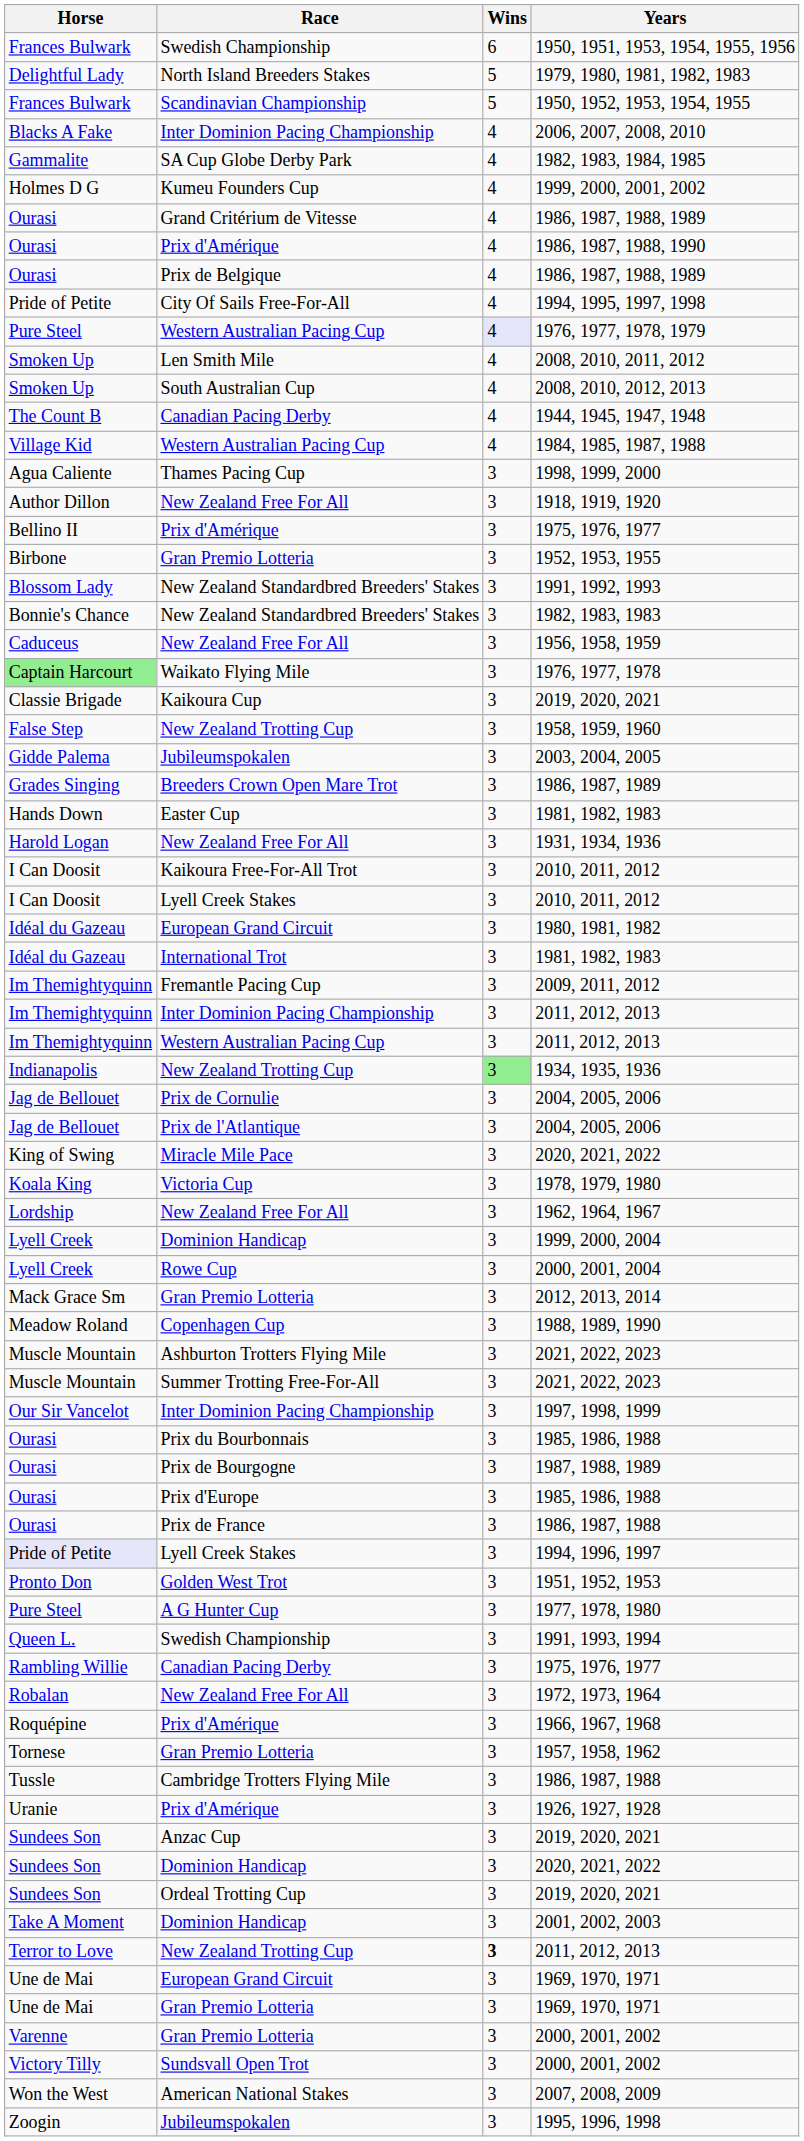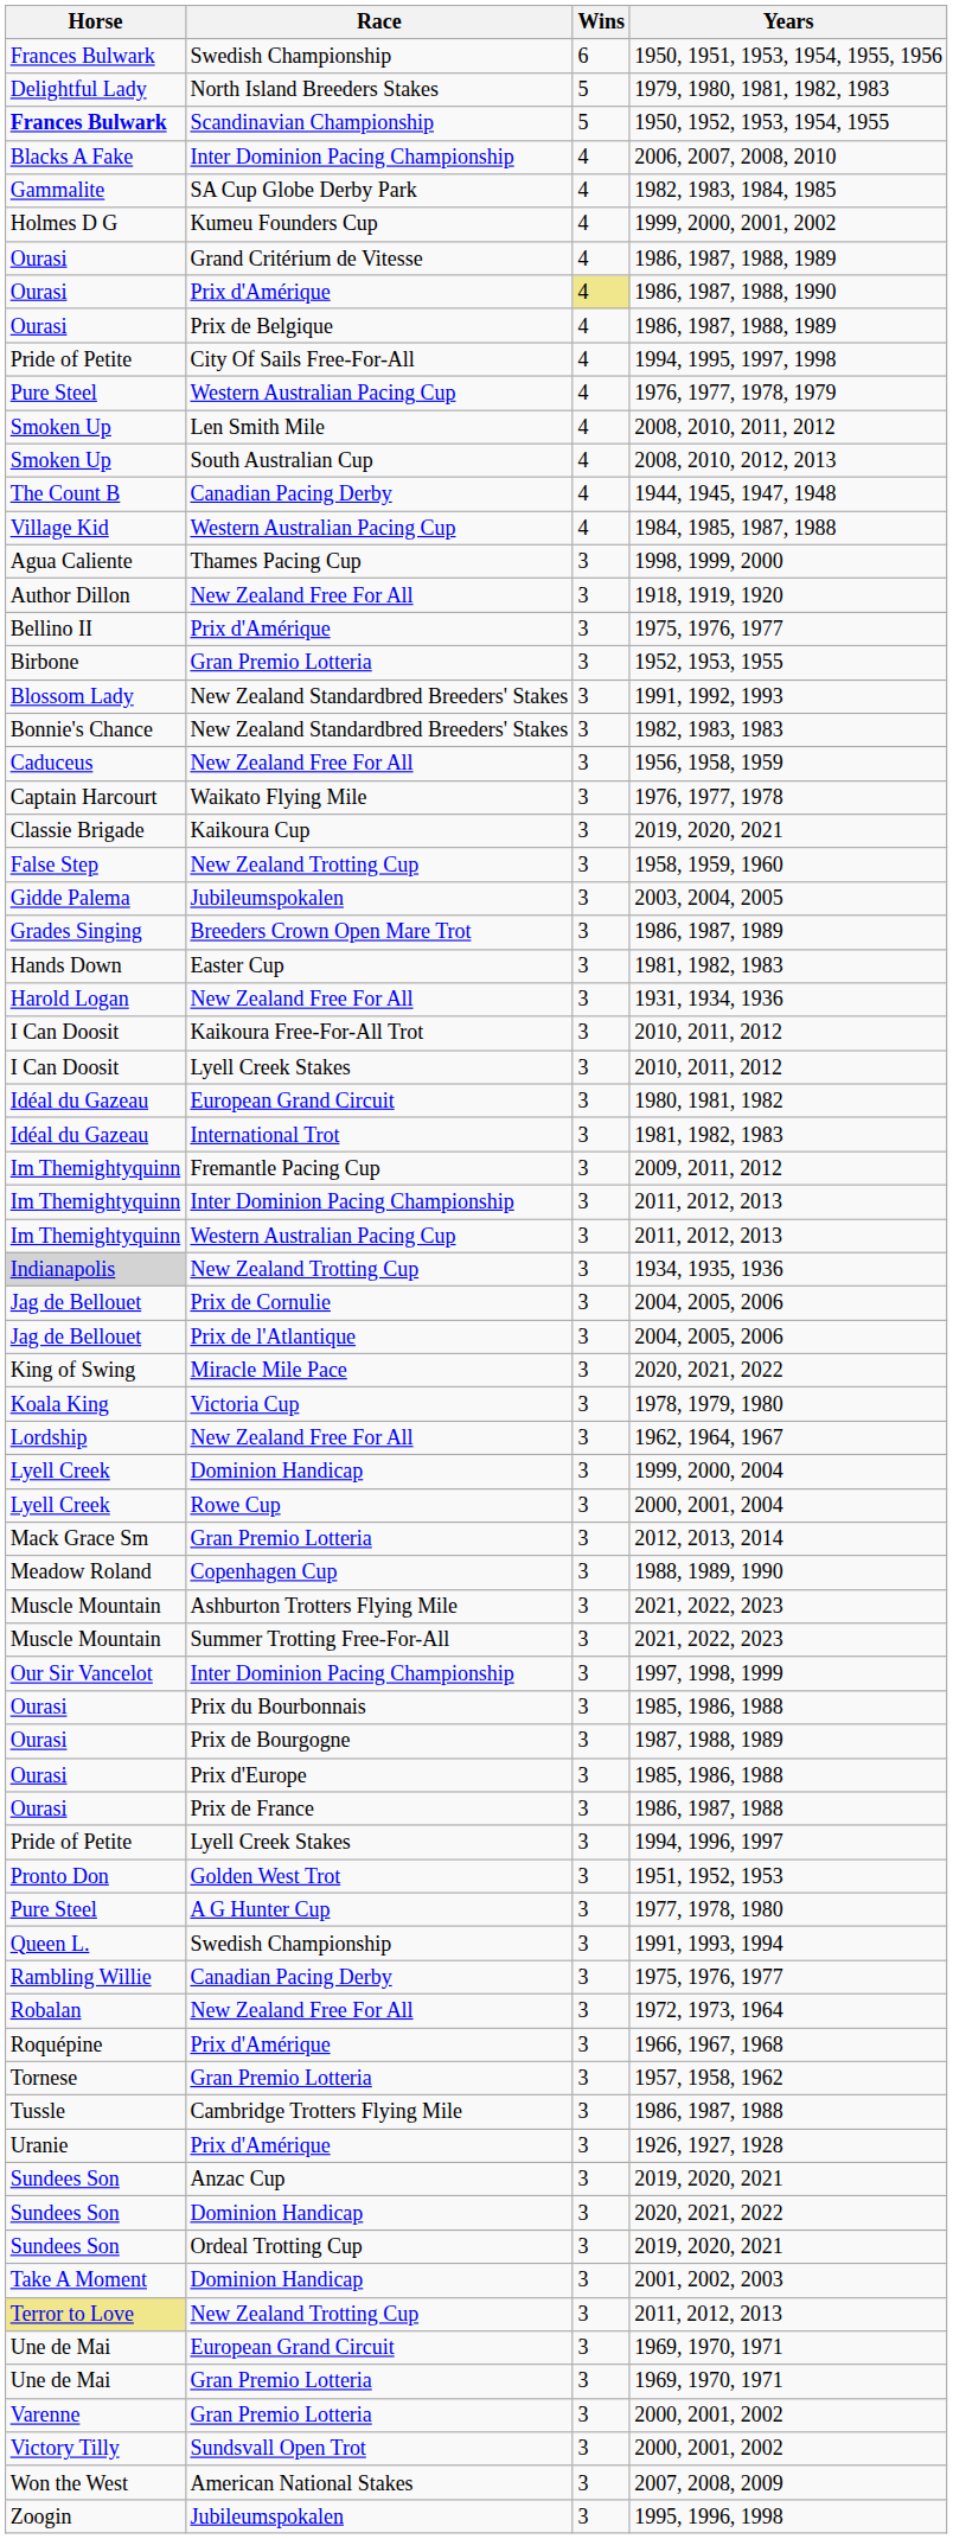 <table class="wikitable">
 <tr>
 <th>Horse</th>
 <th>Race</th>
 <th>Wins</th>
 <th>Years</th>
 </tr>
 <tr>
 <td><a href='#'>Frances Bulwark</a></td>
 <td>Swedish Championship</td>
 <td>6</td>
 <td>1950, 1951, 1953, 1954, 1955, 1956</td>
 </tr>
 <tr>
 <td><a href='#'>Delightful Lady</a></td>
 <td>North Island Breeders Stakes</td>
 <td>5</td>
 <td>1979, 1980, 1981, 1982, 1983</td>
 </tr>
 <tr>
-<td><a href='#'>Frances Bulwark</a></td>
+<td><strong><a href='#'>Frances Bulwark</a></strong></td>
 <td><a href='#'>Scandinavian Championship</a></td>
 <td>5</td>
 <td>1950, 1952, 1953, 1954, 1955</td>
 </tr>
 <tr>
 <td><a href='#'>Blacks A Fake</a></td>
 <td><a href='#'>Inter Dominion Pacing Championship</a></td>
 <td>4</td>
 <td>2006, 2007, 2008, 2010</td>
 </tr>
 <tr>
 <td><a href='#'>Gammalite</a></td>
 <td>SA Cup Globe Derby Park</td>
 <td>4</td>
 <td>1982, 1983, 1984, 1985</td>
 </tr>
 <tr>
 <td>Holmes D G</td>
 <td>Kumeu Founders Cup</td>
 <td>4</td>
 <td>1999, 2000, 2001, 2002</td>
 </tr>
 <tr>
 <td><a href='#'>Ourasi</a></td>
 <td>Grand Critérium de Vitesse</td>
 <td>4</td>
 <td>1986, 1987, 1988, 1989</td>
 </tr>
 <tr>
 <td><a href='#'>Ourasi</a></td>
 <td><a href='#'>Prix d'Amérique</a></td>
-<td>4</td>
+<td style="background: khaki;">4</td>
 <td>1986, 1987, 1988, 1990</td>
 </tr>
 <tr>
 <td><a href='#'>Ourasi</a></td>
 <td>Prix de Belgique</td>
 <td>4</td>
 <td>1986, 1987, 1988, 1989</td>
 </tr>
 <tr>
 <td>Pride of Petite</td>
 <td>City Of Sails Free-For-All</td>
 <td>4</td>
 <td>1994, 1995, 1997, 1998</td>
 </tr>
 <tr>
 <td><a href='#'>Pure Steel</a></td>
 <td><a href='#'>Western Australian Pacing Cup</a></td>
-<td style="background: lavender;">4</td>
+<td>4</td>
 <td>1976, 1977, 1978, 1979</td>
 </tr>
 <tr>
 <td><a href='#'>Smoken Up</a></td>
 <td>Len Smith Mile</td>
 <td>4</td>
 <td>2008, 2010, 2011, 2012</td>
 </tr>
 <tr>
 <td><a href='#'>Smoken Up</a></td>
 <td>South Australian Cup</td>
 <td>4</td>
 <td>2008, 2010, 2012, 2013</td>
 </tr>
 <tr>
 <td><a href='#'>The Count B</a></td>
 <td><a href='#'>Canadian Pacing Derby</a></td>
 <td>4</td>
 <td>1944, 1945, 1947, 1948</td>
 </tr>
 <tr>
 <td><a href='#'>Village Kid</a></td>
 <td><a href='#'>Western Australian Pacing Cup</a></td>
 <td>4</td>
 <td>1984, 1985, 1987, 1988</td>
 </tr>
 <tr>
 <td>Agua Caliente</td>
 <td>Thames Pacing Cup</td>
 <td>3</td>
 <td>1998, 1999, 2000</td>
 </tr>
 <tr>
 <td>Author Dillon</td>
 <td><a href='#'>New Zealand Free For All</a></td>
 <td>3</td>
 <td>1918, 1919, 1920</td>
 </tr>
 <tr>
 <td>Bellino II</td>
 <td><a href='#'>Prix d'Amérique</a></td>
 <td>3</td>
 <td>1975, 1976, 1977</td>
 </tr>
 <tr>
 <td>Birbone</td>
 <td><a href='#'>Gran Premio Lotteria</a></td>
 <td>3</td>
 <td>1952, 1953, 1955</td>
 </tr>
 <tr>
 <td><a href='#'>Blossom Lady</a></td>
 <td>New Zealand Standardbred Breeders' Stakes</td>
 <td>3</td>
 <td>1991, 1992, 1993</td>
 </tr>
 <tr>
 <td>Bonnie's Chance</td>
 <td>New Zealand Standardbred Breeders' Stakes</td>
 <td>3</td>
 <td>1982, 1983, 1983</td>
 </tr>
 <tr>
 <td><a href='#'>Caduceus</a></td>
 <td><a href='#'>New Zealand Free For All</a></td>
 <td>3</td>
 <td>1956, 1958, 1959</td>
 </tr>
 <tr>
-<td style="background: lightgreen;">Captain Harcourt</td>
+<td>Captain Harcourt</td>
 <td>Waikato Flying Mile</td>
 <td>3</td>
 <td>1976, 1977, 1978</td>
 </tr>
 <tr>
 <td>Classie Brigade</td>
 <td>Kaikoura Cup</td>
 <td>3</td>
 <td>2019, 2020, 2021</td>
 </tr>
 <tr>
 <td><a href='#'>False Step</a></td>
 <td><a href='#'>New Zealand Trotting Cup</a></td>
 <td>3</td>
 <td>1958, 1959, 1960</td>
 </tr>
 <tr>
 <td><a href='#'>Gidde Palema</a></td>
 <td><a href='#'>Jubileumspokalen</a></td>
 <td>3</td>
 <td>2003, 2004, 2005</td>
 </tr>
 <tr>
 <td><a href='#'>Grades Singing</a></td>
 <td><a href='#'>Breeders Crown Open Mare Trot</a></td>
 <td>3</td>
 <td>1986, 1987, 1989</td>
 </tr>
 <tr>
 <td>Hands Down</td>
 <td>Easter Cup</td>
 <td>3</td>
 <td>1981, 1982, 1983</td>
 </tr>
 <tr>
 <td><a href='#'>Harold Logan</a></td>
 <td><a href='#'>New Zealand Free For All</a></td>
 <td>3</td>
 <td>1931, 1934, 1936</td>
 </tr>
 <tr>
 <td>I Can Doosit</td>
 <td>Kaikoura Free-For-All Trot</td>
 <td>3</td>
 <td>2010, 2011, 2012</td>
 </tr>
 <tr>
 <td>I Can Doosit</td>
 <td>Lyell Creek Stakes</td>
 <td>3</td>
 <td>2010, 2011, 2012</td>
 </tr>
 <tr>
 <td><a href='#'>Idéal du Gazeau</a></td>
 <td><a href='#'>European Grand Circuit</a></td>
 <td>3</td>
 <td>1980, 1981, 1982</td>
 </tr>
 <tr>
 <td><a href='#'>Idéal du Gazeau</a></td>
 <td><a href='#'>International Trot</a></td>
 <td>3</td>
 <td>1981, 1982, 1983</td>
 </tr>
 <tr>
 <td><a href='#'>Im Themightyquinn</a></td>
 <td>Fremantle Pacing Cup</td>
 <td>3</td>
 <td>2009, 2011, 2012</td>
 </tr>
 <tr>
 <td><a href='#'>Im Themightyquinn</a></td>
 <td><a href='#'>Inter Dominion Pacing Championship</a></td>
 <td>3</td>
 <td>2011, 2012, 2013</td>
 </tr>
 <tr>
 <td><a href='#'>Im Themightyquinn</a></td>
 <td><a href='#'>Western Australian Pacing Cup</a></td>
 <td>3</td>
 <td>2011, 2012, 2013</td>
 </tr>
 <tr>
-<td><a href='#'>Indianapolis</a></td>
+<td style="background: lightgrey;"><a href='#'>Indianapolis</a></td>
 <td><a href='#'>New Zealand Trotting Cup</a></td>
-<td style="background: lightgreen;">3</td>
+<td>3</td>
 <td>1934, 1935, 1936</td>
 </tr>
 <tr>
 <td><a href='#'>Jag de Bellouet</a></td>
 <td><a href='#'>Prix de Cornulie</a></td>
 <td>3</td>
 <td>2004, 2005, 2006</td>
 </tr>
 <tr>
 <td><a href='#'>Jag de Bellouet</a></td>
 <td><a href='#'>Prix de l'Atlantique</a></td>
 <td>3</td>
 <td>2004, 2005, 2006</td>
 </tr>
 <tr>
 <td>King of Swing</td>
 <td><a href='#'>Miracle Mile Pace</a></td>
 <td>3</td>
 <td>2020, 2021, 2022</td>
 </tr>
 <tr>
 <td><a href='#'>Koala King</a></td>
 <td><a href='#'>Victoria Cup</a></td>
 <td>3</td>
 <td>1978, 1979, 1980</td>
 </tr>
 <tr>
 <td><a href='#'>Lordship</a></td>
 <td><a href='#'>New Zealand Free For All</a></td>
 <td>3</td>
 <td>1962, 1964, 1967</td>
 </tr>
 <tr>
 <td><a href='#'>Lyell Creek</a></td>
 <td><a href='#'>Dominion Handicap</a></td>
 <td>3</td>
 <td>1999, 2000, 2004</td>
 </tr>
 <tr>
 <td><a href='#'>Lyell Creek</a></td>
 <td><a href='#'>Rowe Cup</a></td>
 <td>3</td>
 <td>2000, 2001, 2004</td>
 </tr>
 <tr>
 <td>Mack Grace Sm</td>
 <td><a href='#'>Gran Premio Lotteria</a></td>
 <td>3</td>
 <td>2012, 2013, 2014</td>
 </tr>
 <tr>
 <td>Meadow Roland</td>
 <td><a href='#'>Copenhagen Cup</a></td>
 <td>3</td>
 <td>1988, 1989, 1990</td>
 </tr>
 <tr>
 <td>Muscle Mountain</td>
 <td>Ashburton Trotters Flying Mile</td>
 <td>3</td>
 <td>2021, 2022, 2023</td>
 </tr>
 <tr>
 <td>Muscle Mountain</td>
 <td>Summer Trotting Free-For-All</td>
 <td>3</td>
 <td>2021, 2022, 2023</td>
 </tr>
 <tr>
 <td><a href='#'>Our Sir Vancelot</a></td>
 <td><a href='#'>Inter Dominion Pacing Championship</a></td>
 <td>3</td>
 <td>1997, 1998, 1999</td>
 </tr>
 <tr>
 <td><a href='#'>Ourasi</a></td>
 <td>Prix du Bourbonnais</td>
 <td>3</td>
 <td>1985, 1986, 1988</td>
 </tr>
 <tr>
 <td><a href='#'>Ourasi</a></td>
 <td>Prix de Bourgogne</td>
 <td>3</td>
 <td>1987, 1988, 1989</td>
 </tr>
 <tr>
 <td><a href='#'>Ourasi</a></td>
 <td>Prix d'Europe</td>
 <td>3</td>
 <td>1985, 1986, 1988</td>
 </tr>
 <tr>
 <td><a href='#'>Ourasi</a></td>
 <td>Prix de France</td>
 <td>3</td>
 <td>1986, 1987, 1988</td>
 </tr>
 <tr>
-<td style="background: lavender;">Pride of Petite</td>
+<td>Pride of Petite</td>
 <td>Lyell Creek Stakes</td>
 <td>3</td>
 <td>1994, 1996, 1997</td>
 </tr>
 <tr>
 <td><a href='#'>Pronto Don</a></td>
 <td><a href='#'>Golden West Trot</a></td>
 <td>3</td>
 <td>1951, 1952, 1953</td>
 </tr>
 <tr>
 <td><a href='#'>Pure Steel</a></td>
 <td><a href='#'>A G Hunter Cup</a></td>
 <td>3</td>
 <td>1977, 1978, 1980</td>
 </tr>
 <tr>
 <td><a href='#'>Queen L.</a></td>
 <td>Swedish Championship</td>
 <td>3</td>
 <td>1991, 1993, 1994</td>
 </tr>
 <tr>
 <td><a href='#'>Rambling Willie</a></td>
 <td><a href='#'>Canadian Pacing Derby</a></td>
 <td>3</td>
 <td>1975, 1976, 1977</td>
 </tr>
 <tr>
 <td><a href='#'>Robalan</a></td>
 <td><a href='#'>New Zealand Free For All</a></td>
 <td>3</td>
 <td>1972, 1973, 1964</td>
 </tr>
 <tr>
 <td>Roquépine</td>
 <td><a href='#'>Prix d'Amérique</a></td>
 <td>3</td>
 <td>1966, 1967, 1968</td>
 </tr>
 <tr>
 <td>Tornese</td>
 <td><a href='#'>Gran Premio Lotteria</a></td>
 <td>3</td>
 <td>1957, 1958, 1962</td>
 </tr>
 <tr>
 <td>Tussle</td>
 <td>Cambridge Trotters Flying Mile</td>
 <td>3</td>
 <td>1986, 1987, 1988</td>
 </tr>
 <tr>
 <td>Uranie</td>
 <td><a href='#'>Prix d'Amérique</a></td>
 <td>3</td>
 <td>1926, 1927, 1928</td>
 </tr>
 <tr>
 <td><a href='#'>Sundees Son</a></td>
 <td>Anzac Cup</td>
 <td>3</td>
 <td>2019, 2020, 2021</td>
 </tr>
 <tr>
 <td><a href='#'>Sundees Son</a></td>
 <td><a href='#'>Dominion Handicap</a></td>
 <td>3</td>
 <td>2020, 2021, 2022</td>
 </tr>
 <tr>
 <td><a href='#'>Sundees Son</a></td>
 <td>Ordeal Trotting Cup</td>
 <td>3</td>
 <td>2019, 2020, 2021</td>
 </tr>
 <tr>
 <td><a href='#'>Take A Moment</a></td>
 <td><a href='#'>Dominion Handicap</a></td>
 <td>3</td>
 <td>2001, 2002, 2003</td>
 </tr>
 <tr>
-<td><a href='#'>Terror to Love</a></td>
+<td style="background: khaki;"><a href='#'>Terror to Love</a></td>
 <td><a href='#'>New Zealand Trotting Cup</a></td>
-<td><strong>3</strong></td>
+<td>3</td>
 <td>2011, 2012, 2013</td>
 </tr>
 <tr>
 <td>Une de Mai</td>
 <td><a href='#'>European Grand Circuit</a></td>
 <td>3</td>
 <td>1969, 1970, 1971</td>
 </tr>
 <tr>
 <td>Une de Mai</td>
 <td><a href='#'>Gran Premio Lotteria</a></td>
 <td>3</td>
 <td>1969, 1970, 1971</td>
 </tr>
 <tr>
 <td><a href='#'>Varenne</a></td>
 <td><a href='#'>Gran Premio Lotteria</a></td>
 <td>3</td>
 <td>2000, 2001, 2002</td>
 </tr>
 <tr>
 <td><a href='#'>Victory Tilly</a></td>
 <td><a href='#'>Sundsvall Open Trot</a></td>
 <td>3</td>
 <td>2000, 2001, 2002</td>
 </tr>
 <tr>
 <td>Won the West</td>
 <td>American National Stakes</td>
 <td>3</td>
 <td>2007, 2008, 2009</td>
 </tr>
 <tr>
 <td>Zoogin</td>
 <td><a href='#'>Jubileumspokalen</a></td>
 <td>3</td>
 <td>1995, 1996, 1998</td>
 </tr>
 </table>
